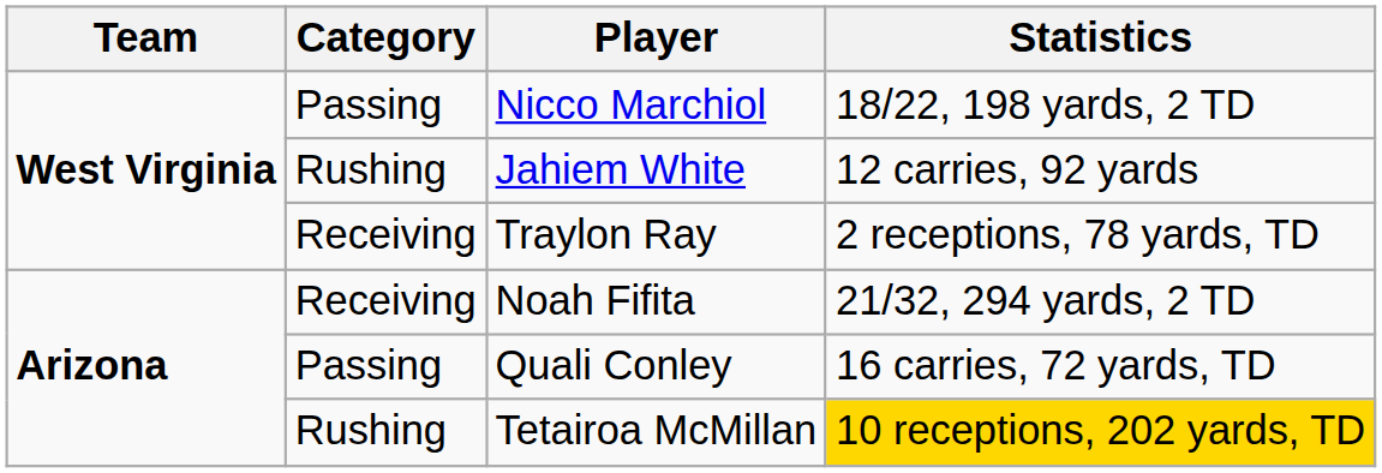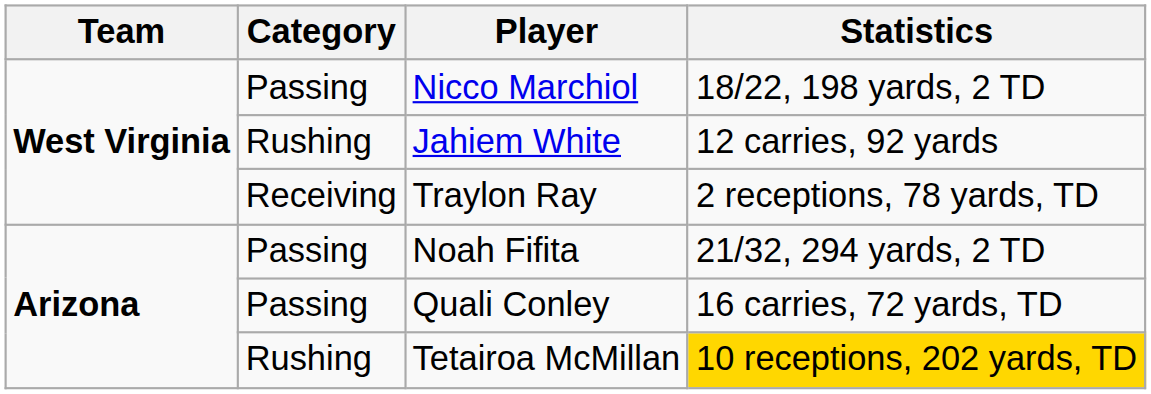 <table class="wikitable" style="float: right;">
 <tr>
 <th>Team</th>
 <th>Category</th>
 <th>Player</th>
 <th>Statistics</th>
 </tr>
 <tr>
 <td rowspan=3><strong>West Virginia</strong></td>
 <td>Passing</td>
 <td><a href='#'>Nicco Marchiol</a></td>
 <td>18/22, 198 yards, 2 TD</td>
 </tr>
 <tr>
 <td>Rushing</td>
 <td><a href='#'>Jahiem White</a></td>
 <td>12 carries, 92 yards</td>
 </tr>
 <tr>
 <td>Receiving</td>
 <td>Traylon Ray</td>
 <td>2 receptions, 78 yards, TD</td>
 </tr>
 <tr>
 <td rowspan=3><strong>Arizona</strong></td>
-<td>Receiving</td>
+<td>Passing</td>
 <td>Noah Fifita</td>
 <td>21/32, 294 yards, 2 TD</td>
 </tr>
 <tr>
 <td>Passing</td>
 <td>Quali Conley</td>
 <td>16 carries, 72 yards, TD</td>
 </tr>
 <tr>
 <td>Rushing</td>
 <td>Tetairoa McMillan</td>
 <td style="background: gold;">10 receptions, 202 yards, TD</td>
 </tr>
 </table>
